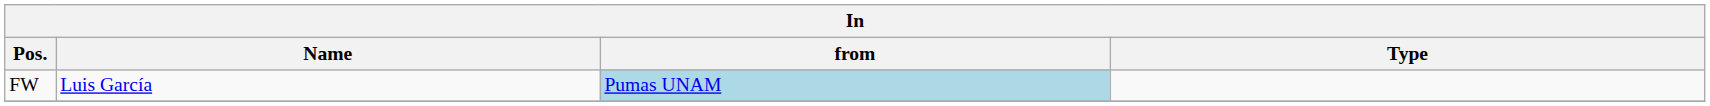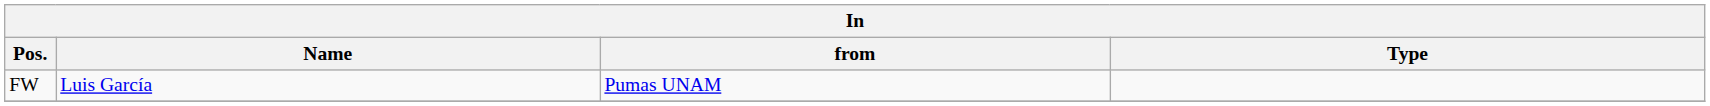 <table class="wikitable" style="font-size:90%;width:99%;">
 <tr>
 <th colspan="4">In</th>
 </tr>
 <tr>
 <th width=3%>Pos.</th>
 <th width=32%>Name</th>
 <th width=30%>from</th>
 <th width=35%>Type</th>
 </tr>
 <tr>
 <td>FW</td>
 <td><a href='#'>Luis García</a></td>
-<td style="background: lightblue;"><a href='#'>Pumas UNAM</a></td>
+<td><a href='#'>Pumas UNAM</a></td>
 <td></td>
 </tr>
 <tr>
 </tr>
 </table>
